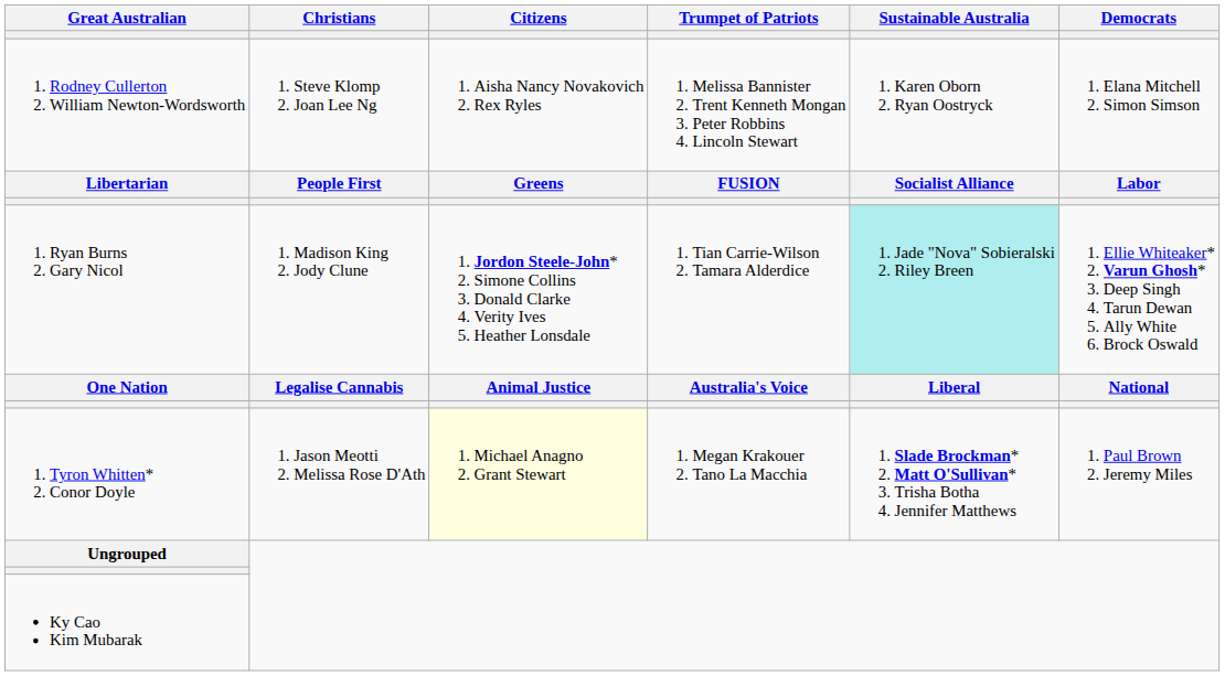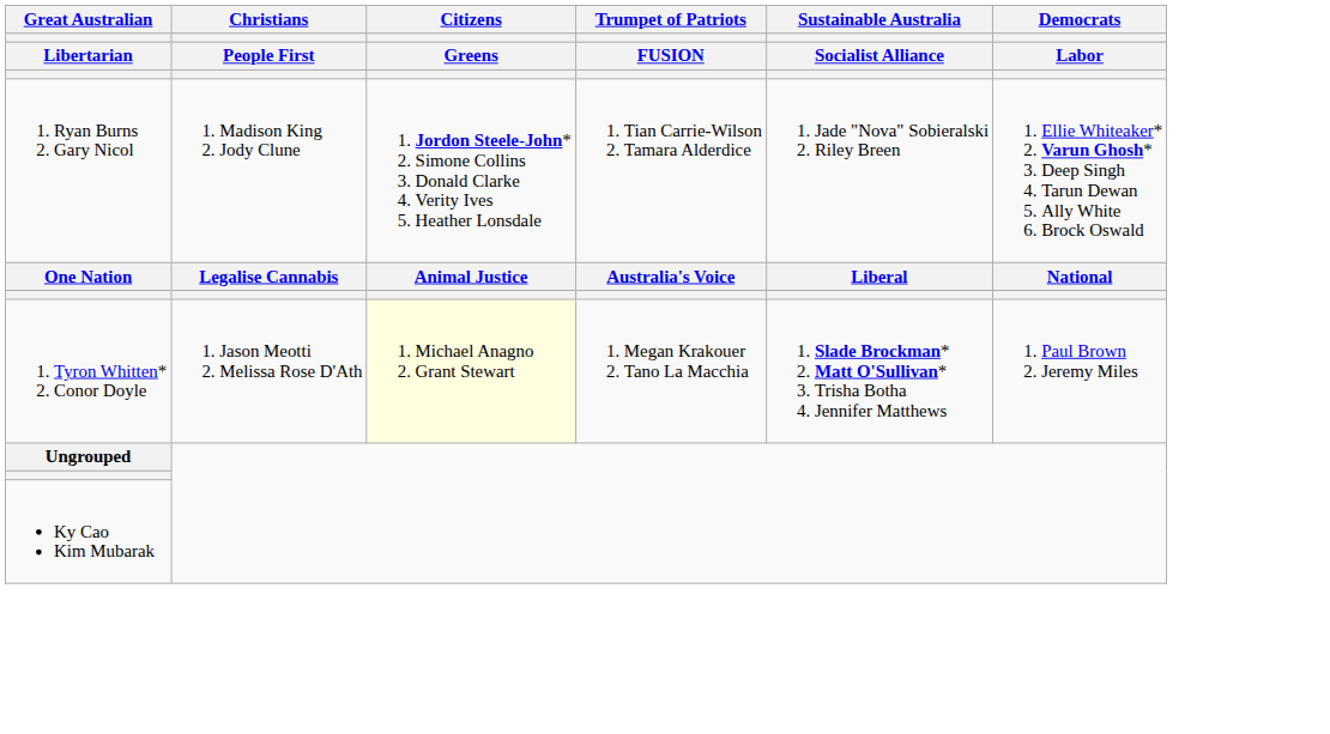 <table class=wikitable>
 <tr>
 <th><a href='#'>Great Australian</a></th>
 <th><a href='#'>Christians</a></th>
 <th><a href='#'>Citizens</a></th>
 <th><a href='#'>Trumpet of Patriots</a></th>
 <th><a href='#'>Sustainable Australia</a></th>
 <th><a href='#'>Democrats</a></th>
 </tr>
 <tr style=background:#ccc>
 <th></th>
 <th></th>
 <th></th>
 <th></th>
 <th></th>
 <th></th>
-</tr>
-<tr>
-<td valign=top><br><ol> <li> <a href='#'>Rodney Cullerton</a> <li> William Newton-Wordsworth </ol></td>
-<td valign="top"><br><ol> <li> Steve Klomp <li> Joan Lee Ng </ol></td>
-<td valign="top"><br><ol> <li> Aisha Nancy Novakovich <li> Rex Ryles </ol></td>
-<td valign=top><br><ol> <li> Melissa Bannister <li> Trent Kenneth Mongan <li> Peter Robbins <li> Lincoln Stewart  </ol></td>
-<td valign=top><br><ol> <li> Karen Oborn <li> Ryan Oostryck </ol></td>
-<td valign="top"><br><ol> <li> Elana Mitchell <li> Simon Simson </ol></td>
 </tr>
 <tr>
 <th><a href='#'>Libertarian</a></th>
 <th><a href='#'>People First</a></th>
 <th><a href='#'>Greens</a></th>
 <th><a href='#'>FUSION</a></th>
 <th><a href='#'>Socialist Alliance</a></th>
 <th><a href='#'>Labor</a></th>
 </tr>
 <tr>
 <th></th>
 <th></th>
 <th></th>
 <th></th>
 <th></th>
 <th></th>
 </tr>
 <tr>
 <td valign=top><br><ol> <li> Ryan Burns <li> Gary Nicol </ol></td>
 <td valign="top"><br><ol> <li> Madison King <li> Jody Clune </ol></td>
 <td><br><ol> <li> <strong><a href='#'>Jordon Steele-John</a></strong>* <li> Simone Collins <li> Donald Clarke <li> Verity Ives <li> Heather Lonsdale </ol></td>
 <td valign="top"><br><ol> <li> Tian Carrie-Wilson <li> Tamara Alderdice </ol></td>
-<td valign="top" style="background: paleturquoise;"><br><ol> <li> Jade "Nova" Sobieralski <li> Riley Breen </ol></td>
+<td valign="top"><br><ol> <li> Jade "Nova" Sobieralski <li> Riley Breen </ol></td>
 <td><br><ol> <li> <a href='#'>Ellie Whiteaker</a>* <li> <strong><a href='#'>Varun Ghosh</a></strong>* <li> Deep Singh <li> Tarun Dewan <li> Ally White <li> Brock Oswald </ol></td>
 </tr>
 <tr>
 <th><a href='#'>One Nation</a></th>
 <th><a href='#'>Legalise Cannabis</a></th>
 <th><a href='#'>Animal Justice</a></th>
 <th><a href='#'>Australia's Voice</a></th>
 <th><a href='#'>Liberal</a></th>
 <th><a href='#'>National</a></th>
 </tr>
 <tr>
 <th></th>
 <th></th>
 <th></th>
 <th></th>
 <th></th>
 <th></th>
 </tr>
 <tr>
 <td><br><ol> <li> <a href='#'>Tyron Whitten</a>* <li> Conor Doyle </ol></td>
 <td valign=top><br><ol> <li> Jason Meotti <li> Melissa Rose D'Ath </ol></td>
 <td valign=top style="background: lightyellow;"><br><ol> <li> Michael Anagno <li> Grant Stewart </ol></td>
 <td valign=top><br><ol> <li> Megan Krakouer <li> Tano La Macchia </ol></td>
 <td><br><ol> <li> <strong><a href='#'>Slade Brockman</a></strong>* <li> <strong><a href='#'>Matt O'Sullivan</a></strong>* <li> Trisha Botha <li> Jennifer Matthews </ol></td>
 <td valign=top><br><ol> <li> <a href='#'>Paul Brown</a> <li> Jeremy Miles </ol></td>
 </tr>
 <tr>
 <th>Ungrouped</th>
 </tr>
 <tr>
 <th></th>
 </tr>
 <tr>
 <td valign=top><br><ul> <li> Ky Cao<br> <li> Kim Mubarak </ul></td>
 </tr>
 </table>
